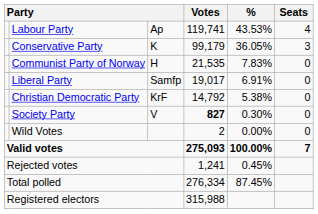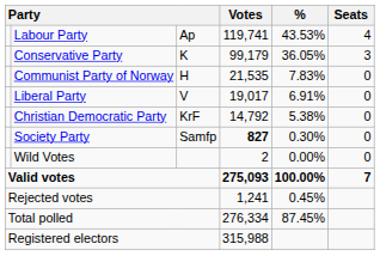 <table class="wikitable" border="1" style="text-align:right;">
 <tr>
 <th style="text-align:left;" colspan=3>Party</th>
 <th align=center width="50">Votes</th>
 <th align=center width="50">%</th>
 <th align=center width="50">Seats</th>
 </tr>
 <tr>
 <td style="color:inherit;background:"></td>
 <td align=left><a href='#'>Labour Party</a></td>
 <td align=left>Ap</td>
 <td>119,741</td>
 <td>43.53%</td>
 <td>4</td>
 </tr>
 <tr>
 <td style="color:inherit;background:"></td>
 <td align=left><a href='#'>Conservative Party</a></td>
 <td align=left>K</td>
 <td>99,179</td>
 <td>36.05%</td>
 <td>3</td>
 </tr>
 <tr>
 <td style="color:inherit;background:"></td>
 <td align=left><a href='#'>Communist Party of Norway</a></td>
 <td align=left>H</td>
 <td>21,535</td>
 <td>7.83%</td>
 <td>0</td>
 </tr>
 <tr>
 <td style="color:inherit;background:"></td>
 <td align=left><a href='#'>Liberal Party</a></td>
-<td align=left>Samfp</td>
+<td align=left>V</td>
 <td>19,017</td>
 <td>6.91%</td>
 <td>0</td>
 </tr>
 <tr>
 <td style="color:inherit;background:"></td>
 <td align=left><a href='#'>Christian Democratic Party</a></td>
 <td align=left>KrF</td>
 <td>14,792</td>
 <td>5.38%</td>
 <td>0</td>
 </tr>
 <tr>
 <td></td>
 <td align=left><a href='#'>Society Party</a></td>
-<td align=left>V</td>
+<td align=left>Samfp</td>
 <td><strong>827</strong></td>
 <td>0.30%</td>
 <td>0</td>
 </tr>
 <tr>
 <td></td>
 <td align=left>Wild Votes</td>
 <td align=left></td>
 <td>2</td>
 <td>0.00%</td>
 <td>0</td>
 </tr>
 <tr style="font-weight:bold">
 <td align=left colspan=3>Valid votes</td>
 <td>275,093</td>
 <td>100.00%</td>
 <td>7</td>
 </tr>
 <tr>
 <td align=left colspan=3>Rejected votes</td>
 <td>1,241</td>
 <td>0.45%</td>
 <td></td>
 </tr>
 <tr>
 <td align=left colspan=3>Total polled</td>
 <td>276,334</td>
 <td>87.45%</td>
 <td></td>
 </tr>
 <tr>
 <td align=left colspan=3>Registered electors</td>
 <td>315,988</td>
 <td></td>
 <td></td>
 </tr>
 </table>
